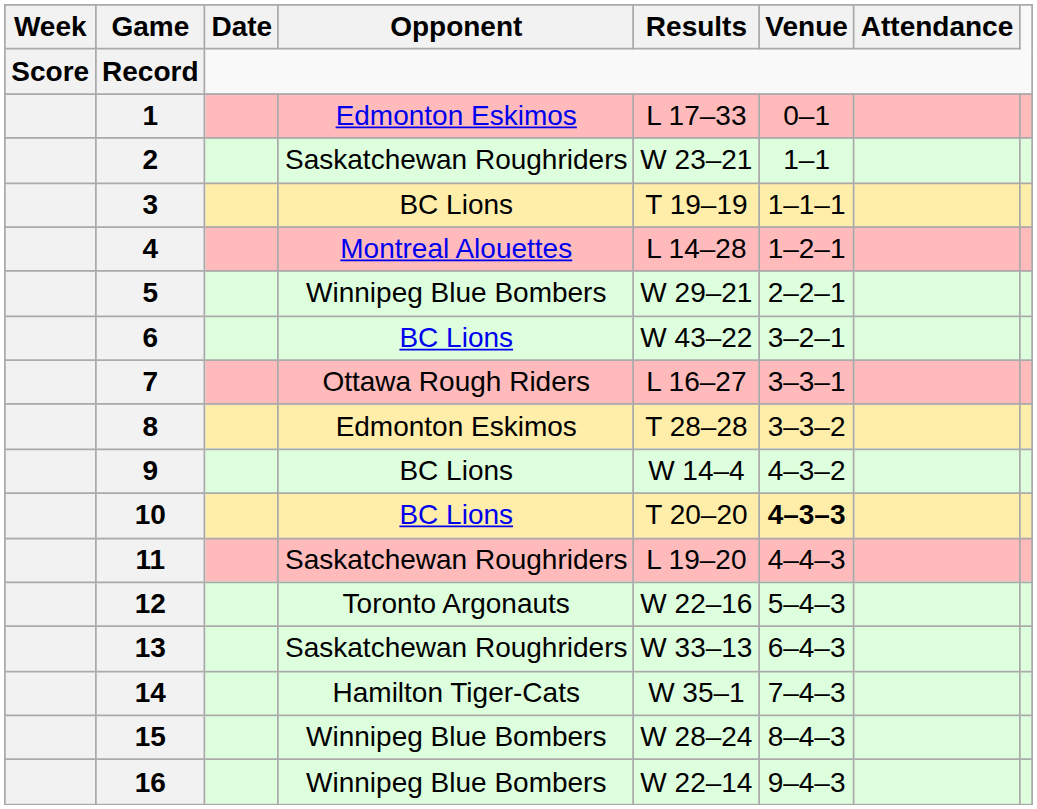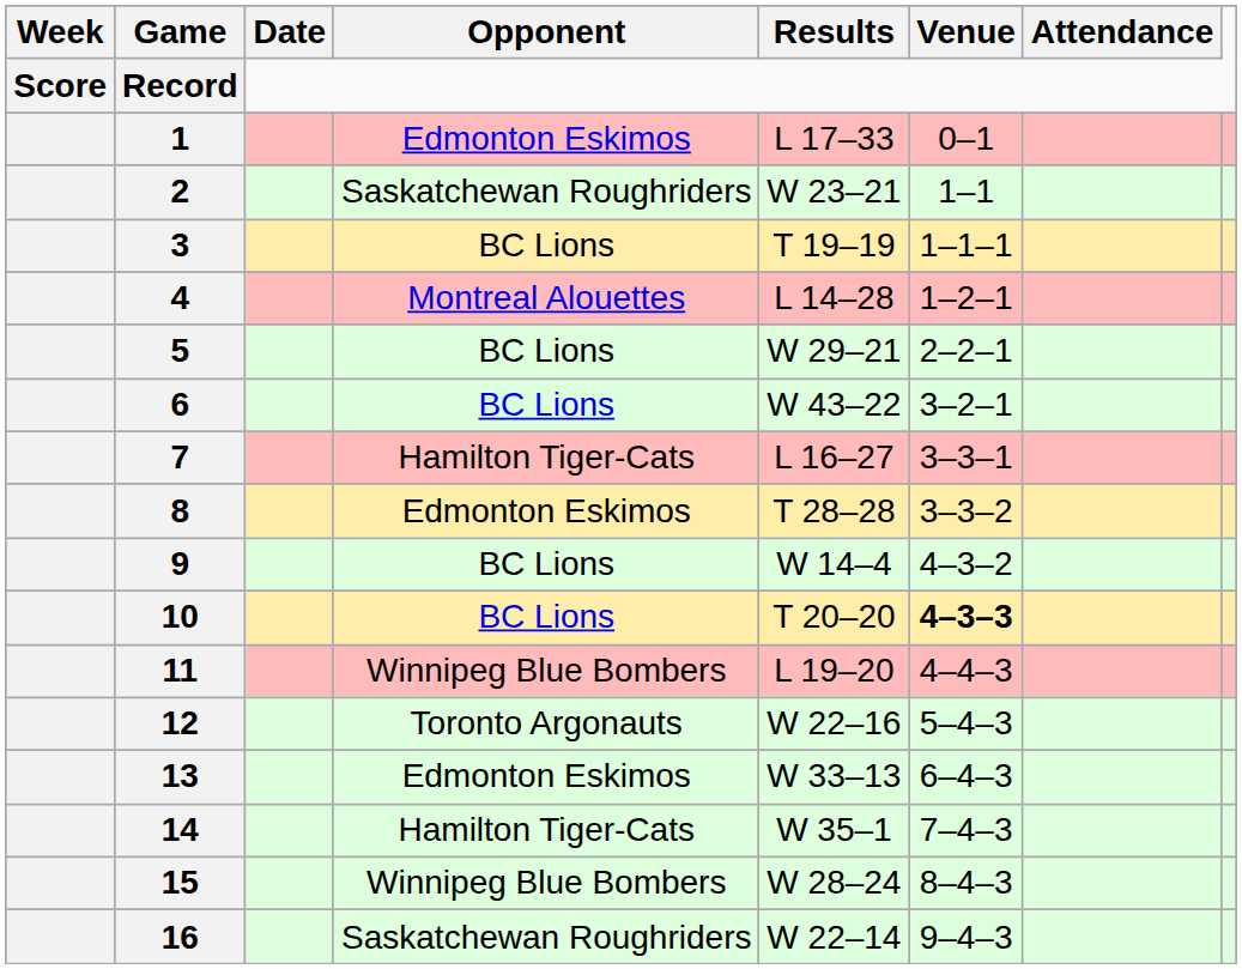 <table class="wikitable" style="text-align:center">
 <tr>
 <th>Week</th>
 <th>Game</th>
 <th>Date</th>
 <th>Opponent</th>
 <th>Results</th>
 <th>Venue</th>
 <th>Attendance</th>
 </tr>
 <tr>
 <th>Score</th>
 <th>Record</th>
 </tr>
 <tr style="background:#ffbbbb">
 <th></th>
 <th>1</th>
 <td></td>
 <td><a href='#'>Edmonton Eskimos</a></td>
 <td>L 17–33</td>
 <td>0–1</td>
 <td></td>
 <td></td>
 </tr>
 <tr style="background:#ddffdd">
 <th></th>
 <th>2</th>
 <td></td>
 <td>Saskatchewan Roughriders</td>
 <td>W 23–21</td>
 <td>1–1</td>
 <td></td>
 <td></td>
 </tr>
 <tr style="background:#ffeeaa">
 <th></th>
 <th>3</th>
 <td></td>
 <td>BC Lions</td>
 <td>T 19–19</td>
 <td>1–1–1</td>
 <td></td>
 <td></td>
 </tr>
 <tr style="background:#ffbbbb">
 <th></th>
 <th>4</th>
 <td></td>
 <td><a href='#'>Montreal Alouettes</a></td>
 <td>L 14–28</td>
 <td>1–2–1</td>
 <td></td>
 <td></td>
 </tr>
 <tr style="background:#ddffdd">
 <th></th>
 <th>5</th>
 <td></td>
-<td>Winnipeg Blue Bombers</td>
+<td>BC Lions</td>
 <td>W 29–21</td>
 <td>2–2–1</td>
 <td></td>
 <td></td>
 </tr>
 <tr style="background:#ddffdd">
 <th></th>
 <th>6</th>
 <td></td>
 <td><a href='#'>BC Lions</a></td>
 <td>W 43–22</td>
 <td>3–2–1</td>
 <td></td>
 <td></td>
 </tr>
 <tr style="background:#ffbbbb">
 <th></th>
 <th>7</th>
 <td></td>
-<td>Ottawa Rough Riders</td>
+<td>Hamilton Tiger-Cats</td>
 <td>L 16–27</td>
 <td>3–3–1</td>
 <td></td>
 <td></td>
 </tr>
 <tr style="background:#ffeeaa">
 <th></th>
 <th>8</th>
 <td></td>
 <td>Edmonton Eskimos</td>
 <td>T 28–28</td>
 <td>3–3–2</td>
 <td></td>
 <td></td>
 </tr>
 <tr style="background:#ddffdd">
 <th></th>
 <th>9</th>
 <td></td>
 <td>BC Lions</td>
 <td>W 14–4</td>
 <td>4–3–2</td>
 <td></td>
 <td></td>
 </tr>
 <tr style="background:#ffeeaa">
 <th></th>
 <th>10</th>
 <td></td>
 <td><a href='#'>BC Lions</a></td>
 <td>T 20–20</td>
 <td><strong>4–3–3</strong></td>
 <td></td>
 <td></td>
 </tr>
 <tr style="background:#ffbbbb">
 <th></th>
 <th>11</th>
 <td></td>
-<td>Saskatchewan Roughriders</td>
+<td>Winnipeg Blue Bombers</td>
 <td>L 19–20</td>
 <td>4–4–3</td>
 <td></td>
 <td></td>
 </tr>
 <tr style="background:#ddffdd">
 <th></th>
 <th>12</th>
 <td></td>
 <td>Toronto Argonauts</td>
 <td>W 22–16</td>
 <td>5–4–3</td>
 <td></td>
 <td></td>
 </tr>
 <tr style="background:#ddffdd">
 <th></th>
 <th>13</th>
 <td></td>
-<td>Saskatchewan Roughriders</td>
+<td>Edmonton Eskimos</td>
 <td>W 33–13</td>
 <td>6–4–3</td>
 <td></td>
 <td></td>
 </tr>
 <tr style="background:#ddffdd">
 <th></th>
 <th>14</th>
 <td></td>
 <td>Hamilton Tiger-Cats</td>
 <td>W 35–1</td>
 <td>7–4–3</td>
 <td></td>
 <td></td>
 </tr>
 <tr style="background:#ddffdd">
 <th></th>
 <th>15</th>
 <td></td>
 <td>Winnipeg Blue Bombers</td>
 <td>W 28–24</td>
 <td>8–4–3</td>
 <td></td>
 <td></td>
 </tr>
 <tr style="background:#ddffdd">
 <th></th>
 <th>16</th>
 <td></td>
-<td>Winnipeg Blue Bombers</td>
+<td>Saskatchewan Roughriders</td>
 <td>W 22–14</td>
 <td>9–4–3</td>
 <td></td>
 <td></td>
 </tr>
 </table>
